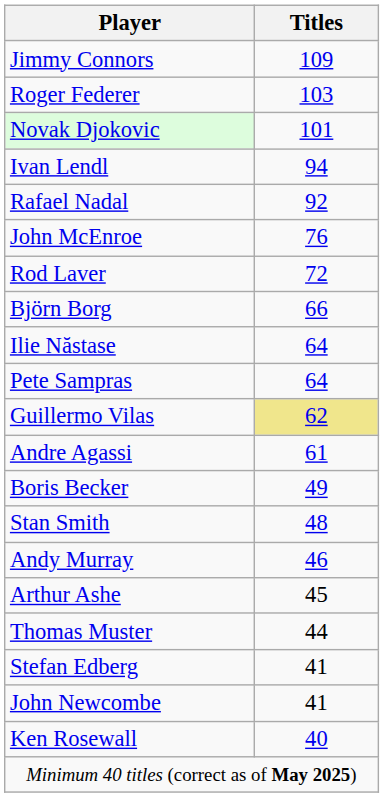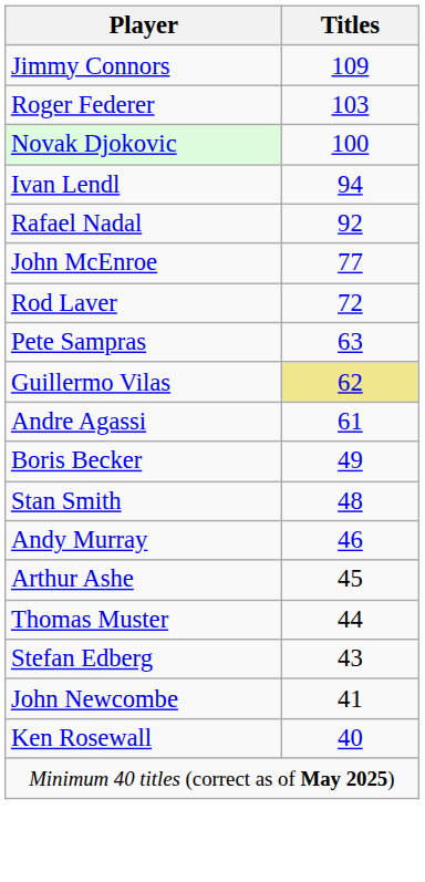 <table class="wikitable" style="text-align:center; display:inline-table;">
 <tr>
 <th style="width:170px">Player</th>
 <th style="width:80px">Titles</th>
 </tr>
 <tr>
 <td style="text-align:left"> <a href='#'>Jimmy Connors</a></td>
 <td><a href='#'>109</a></td>
 </tr>
 <tr>
 <td style="text-align:left;"> <a href='#'>Roger Federer</a></td>
 <td><a href='#'>103</a></td>
 </tr>
 <tr>
 <td style="text-align:left; background:#ddfddd;"> <a href='#'>Novak Djokovic</a></td>
-<td><a href='#'>101</a></td>
+<td><a href='#'>100</a></td>
 </tr>
 <tr>
 <td style="text-align:left"> <a href='#'>Ivan Lendl</a></td>
 <td><a href='#'>94</a></td>
 </tr>
 <tr>
 <td style="text-align:left;"> <a href='#'>Rafael Nadal</a></td>
 <td><a href='#'>92</a></td>
 </tr>
 <tr>
 <td style="text-align:left";> <a href='#'>John McEnroe</a></td>
-<td><a href='#'>76</a></td>
+<td><a href='#'>77</a></td>
 </tr>
 <tr>
 <td style="text-align:left"> <a href='#'>Rod Laver</a></td>
 <td><a href='#'>72</a></td>
 </tr>
 <tr>
-<td style="text-align:left"> <a href='#'>Björn Borg</a></td>
-<td><a href='#'>66</a></td>
-</tr>
-<tr>
-<td style="text-align:left"> <a href='#'>Ilie Năstase</a></td>
-<td><a href='#'>64</a></td>
-</tr>
-<tr>
 <td style="text-align:left"> <a href='#'>Pete Sampras</a></td>
-<td><a href='#'>64</a></td>
+<td><a href='#'>63</a></td>
 </tr>
 <tr>
 <td style="text-align:left"> <a href='#'>Guillermo Vilas</a></td>
 <td style="background: khaki;"><a href='#'>62</a></td>
 </tr>
 <tr>
 <td style="text-align:left"> <a href='#'>Andre Agassi</a></td>
 <td><a href='#'>61</a></td>
 </tr>
 <tr>
 <td style="text-align:left"> <a href='#'>Boris Becker</a></td>
 <td><a href='#'>49</a></td>
 </tr>
 <tr>
 <td style="text-align:left"> <a href='#'>Stan Smith</a></td>
 <td><a href='#'>48</a></td>
 </tr>
 <tr>
 <td style="text-align:left"> <a href='#'>Andy Murray</a></td>
 <td><a href='#'>46</a></td>
 </tr>
 <tr>
 <td style="text-align:left"> <a href='#'>Arthur Ashe</a></td>
 <td>45</td>
 </tr>
 <tr>
 <td style="text-align:left"> <a href='#'>Thomas Muster</a></td>
 <td>44</td>
 </tr>
 <tr>
 <td style="text-align:left"> <a href='#'>Stefan Edberg</a></td>
-<td>41</td>
+<td>43</td>
 </tr>
 <tr>
 <td style="text-align:left"> <a href='#'>John Newcombe</a></td>
 <td>41</td>
 </tr>
 <tr>
 <td style="text-align:left"> <a href='#'>Ken Rosewall</a></td>
 <td><a href='#'>40</a></td>
 </tr>
 <tr>
 <td colspan=2 style="text-align: center;"><small><em>Minimum 40 titles</em> (correct as of <strong>May 2025</strong>)</small></td>
 </tr>
 </table>
